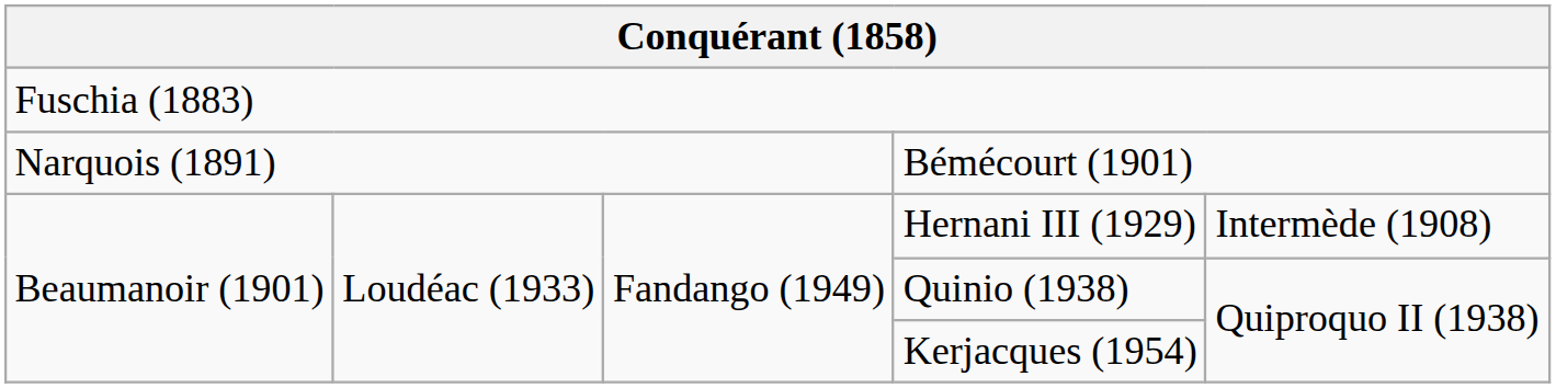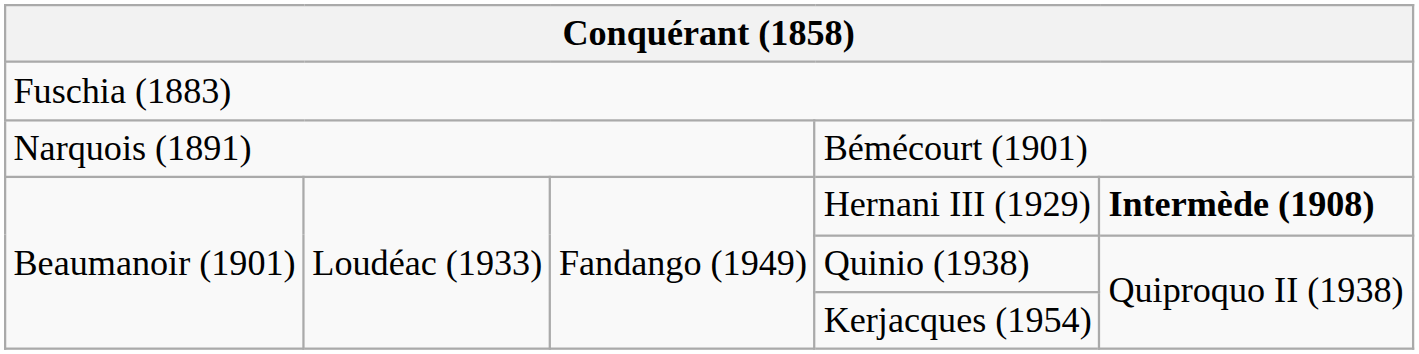 <table class="wikitable">
 <tr>
 <th colspan="5">Conquérant (1858)</th>
 </tr>
 <tr>
 <td colspan="5">Fuschia (1883)</td>
 </tr>
 <tr>
 <td colspan="3">Narquois (1891)</td>
 <td colspan="2">Bémécourt (1901)</td>
 </tr>
 <tr>
 <td rowspan="3">Beaumanoir (1901)</td>
 <td rowspan="3">Loudéac (1933)</td>
 <td rowspan="3">Fandango (1949)</td>
 <td>Hernani III (1929)</td>
-<td>Intermède (1908)</td>
+<td><strong>Intermède (1908)</strong></td>
 </tr>
 <tr>
 <td>Quinio (1938)</td>
 <td rowspan="2">Quiproquo II (1938)</td>
 </tr>
 <tr>
 <td>Kerjacques (1954)</td>
 </tr>
 </table>
